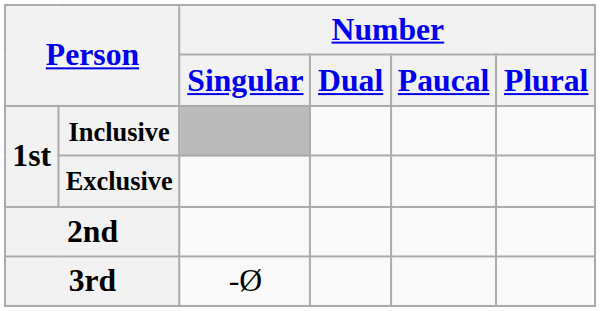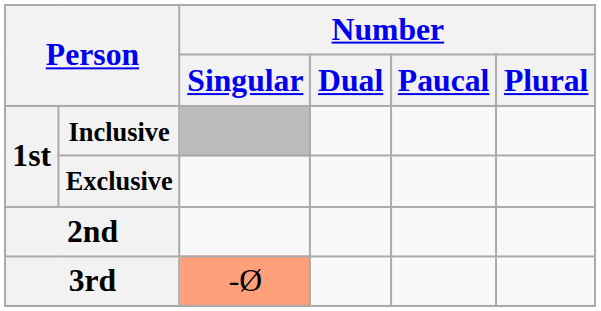 <table class="wikitable" style="text-align: center">
 <tr>
 <th rowspan="2" colspan="2"><a href='#'>Person</a></th>
 <th colspan="4"><a href='#'>Number</a></th>
 </tr>
 <tr>
 <th><a href='#'>Singular</a></th>
 <th><a href='#'>Dual</a></th>
 <th><a href='#'>Paucal</a></th>
 <th><a href='#'>Plural</a></th>
 </tr>
 <tr>
 <th rowspan="2">1st</th>
 <th><small>Inclusive</small></th>
 <td style="background-color: #bbbbbb"></td>
 <td></td>
 <td></td>
 <td></td>
 </tr>
 <tr>
 <th><small>Exclusive</small></th>
 <td></td>
 <td></td>
 <td></td>
 <td></td>
 </tr>
 <tr>
 <th colspan="2">2nd</th>
 <td></td>
 <td></td>
 <td></td>
 <td></td>
 </tr>
 <tr>
 <th colspan="2">3rd</th>
-<td>-Ø</td>
+<td style="background: lightsalmon;">-Ø</td>
 <td></td>
 <td></td>
 <td></td>
 </tr>
 <tr>
 </tr>
 </table>
